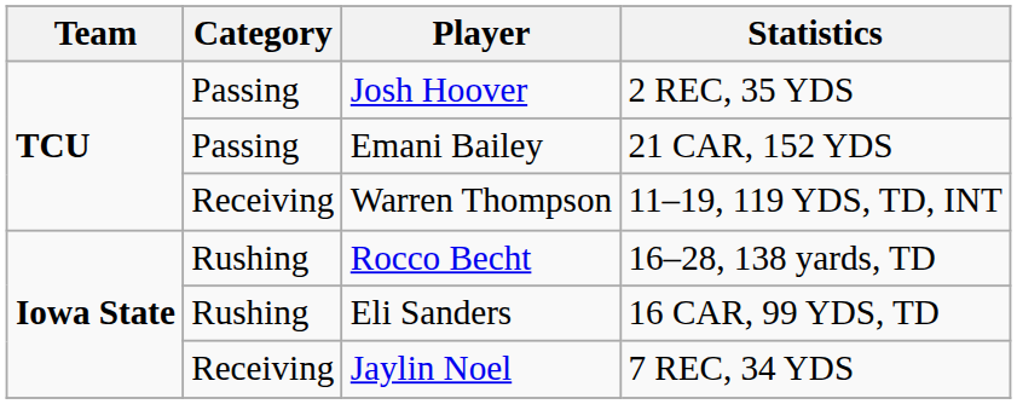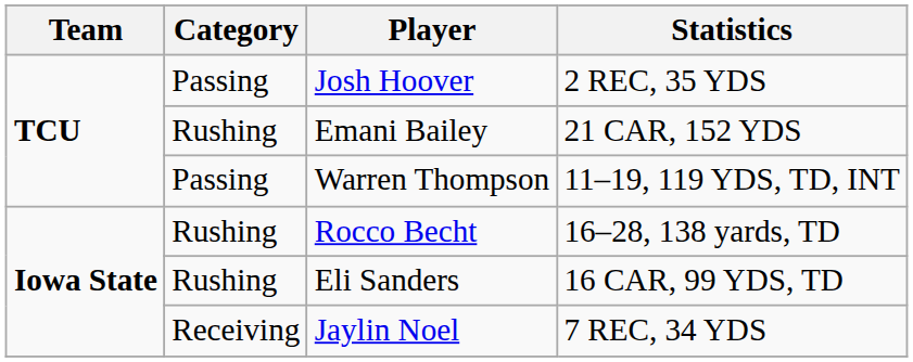 <table class="wikitable" style="float: right;">
 <tr>
 <th>Team</th>
 <th>Category</th>
 <th>Player</th>
 <th>Statistics</th>
 </tr>
 <tr>
 <td rowspan=3><strong>TCU</strong></td>
 <td>Passing</td>
 <td><a href='#'>Josh Hoover</a></td>
 <td>2 REC, 35 YDS</td>
 </tr>
 <tr>
-<td>Passing</td>
+<td>Rushing</td>
 <td>Emani Bailey</td>
 <td>21 CAR, 152 YDS</td>
 </tr>
 <tr>
-<td>Receiving</td>
+<td>Passing</td>
 <td>Warren Thompson</td>
 <td>11–19, 119 YDS, TD, INT</td>
 </tr>
 <tr>
 <td rowspan=3><strong>Iowa State</strong></td>
 <td>Rushing</td>
 <td><a href='#'>Rocco Becht</a></td>
 <td>16–28, 138 yards, TD</td>
 </tr>
 <tr>
 <td>Rushing</td>
 <td>Eli Sanders</td>
 <td>16 CAR, 99 YDS, TD</td>
 </tr>
 <tr>
 <td>Receiving</td>
 <td><a href='#'>Jaylin Noel</a></td>
 <td>7 REC, 34 YDS</td>
 </tr>
 </table>
